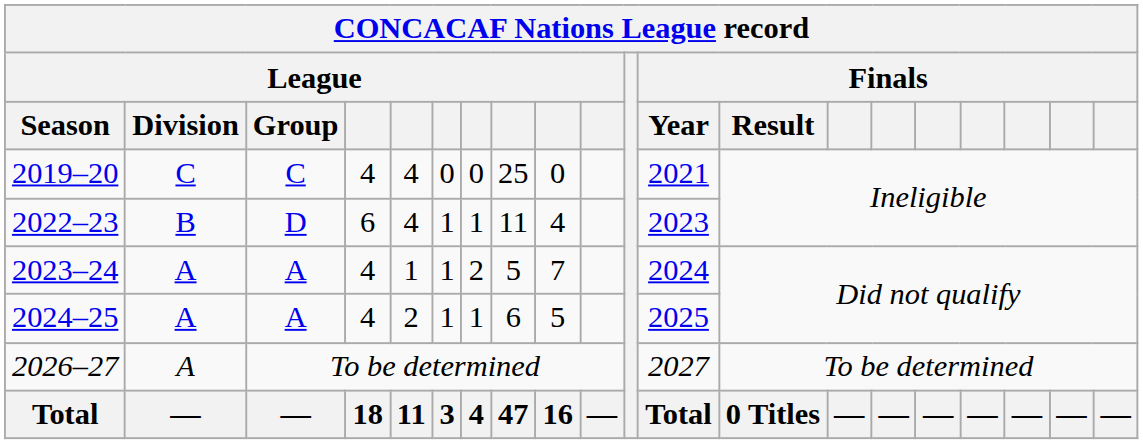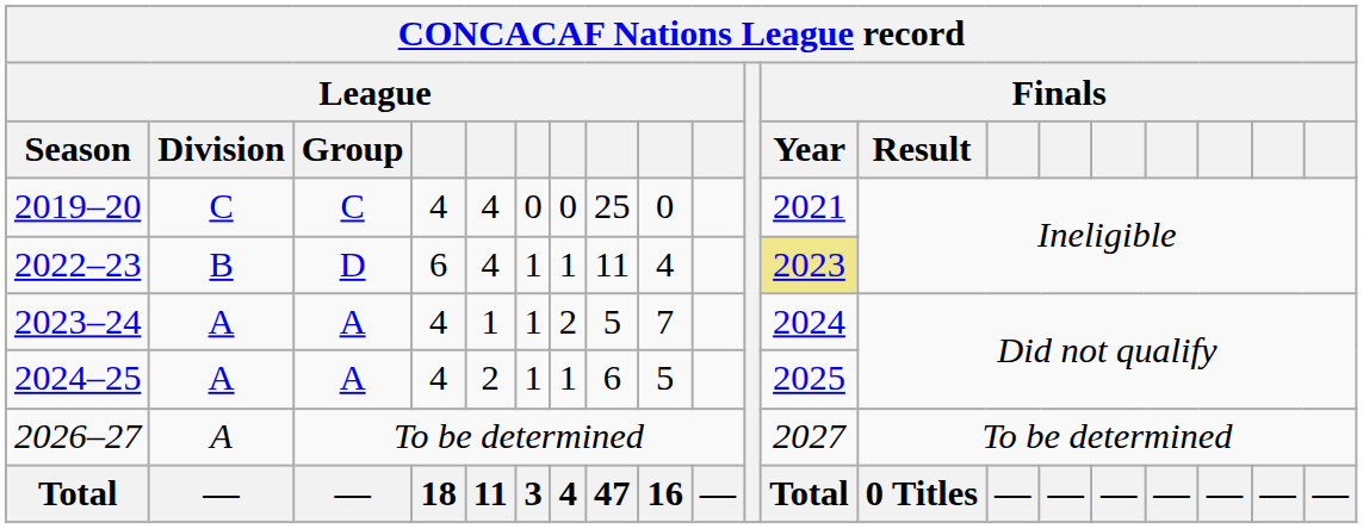 <table class="wikitable" style="text-align: center;">
 <tr>
 <th colspan=21><a href='#'>CONCACAF Nations League</a> record</th>
 </tr>
 <tr>
 <th colspan=10>League</th>
 <th rowspan=8></th>
 <th colspan=9>Finals</th>
 </tr>
 <tr>
 <th>Season</th>
 <th>Division</th>
 <th>Group</th>
 <th></th>
 <th></th>
 <th></th>
 <th></th>
 <th></th>
 <th></th>
 <th></th>
 <th>Year</th>
 <th>Result</th>
 <th></th>
 <th></th>
 <th></th>
 <th></th>
 <th></th>
 <th></th>
 <th></th>
 </tr>
 <tr>
 <td><a href='#'>2019–20</a></td>
 <td><a href='#'>C</a></td>
 <td><a href='#'>C</a></td>
 <td>4</td>
 <td>4</td>
 <td>0</td>
 <td>0</td>
 <td>25</td>
 <td>0</td>
 <td></td>
 <td> <a href='#'>2021</a></td>
 <td colspan=8 rowspan=2><em>Ineligible</em></td>
 </tr>
 <tr>
 <td><a href='#'>2022–23</a></td>
 <td><a href='#'>B</a></td>
 <td><a href='#'>D</a></td>
 <td>6</td>
 <td>4</td>
 <td>1</td>
 <td>1</td>
 <td>11</td>
 <td>4</td>
 <td></td>
-<td> <a href='#'>2023</a></td>
+<td style="background: khaki;"> <a href='#'>2023</a></td>
 </tr>
 <tr>
 <td><a href='#'>2023–24</a></td>
 <td><a href='#'>A</a></td>
 <td><a href='#'>A</a></td>
 <td>4</td>
 <td>1</td>
 <td>1</td>
 <td>2</td>
 <td>5</td>
 <td>7</td>
 <td></td>
 <td> <a href='#'>2024</a></td>
 <td colspan=8 rowspan=2><em>Did not qualify</em></td>
 </tr>
 <tr>
 <td><a href='#'>2024–25</a></td>
 <td><a href='#'>A</a></td>
 <td><a href='#'>A</a></td>
 <td>4</td>
 <td>2</td>
 <td>1</td>
 <td>1</td>
 <td>6</td>
 <td>5</td>
 <td></td>
 <td> <a href='#'>2025</a></td>
 </tr>
 <tr>
 <td><em>2026–27</em></td>
 <td><em>A</em></td>
 <td colspan=8><em>To be determined</em></td>
 <td> <em>2027</em></td>
 <td colspan=8><em>To be determined</em></td>
 </tr>
 <tr>
 <th>Total</th>
 <th>—</th>
 <th>—</th>
 <th>18</th>
 <th>11</th>
 <th>3</th>
 <th>4</th>
 <th>47</th>
 <th>16</th>
 <th>—</th>
 <th>Total</th>
 <th>0 Titles</th>
 <th>—</th>
 <th>—</th>
 <th>—</th>
 <th>—</th>
 <th>—</th>
 <th>—</th>
 <th>—</th>
 </tr>
 </table>
